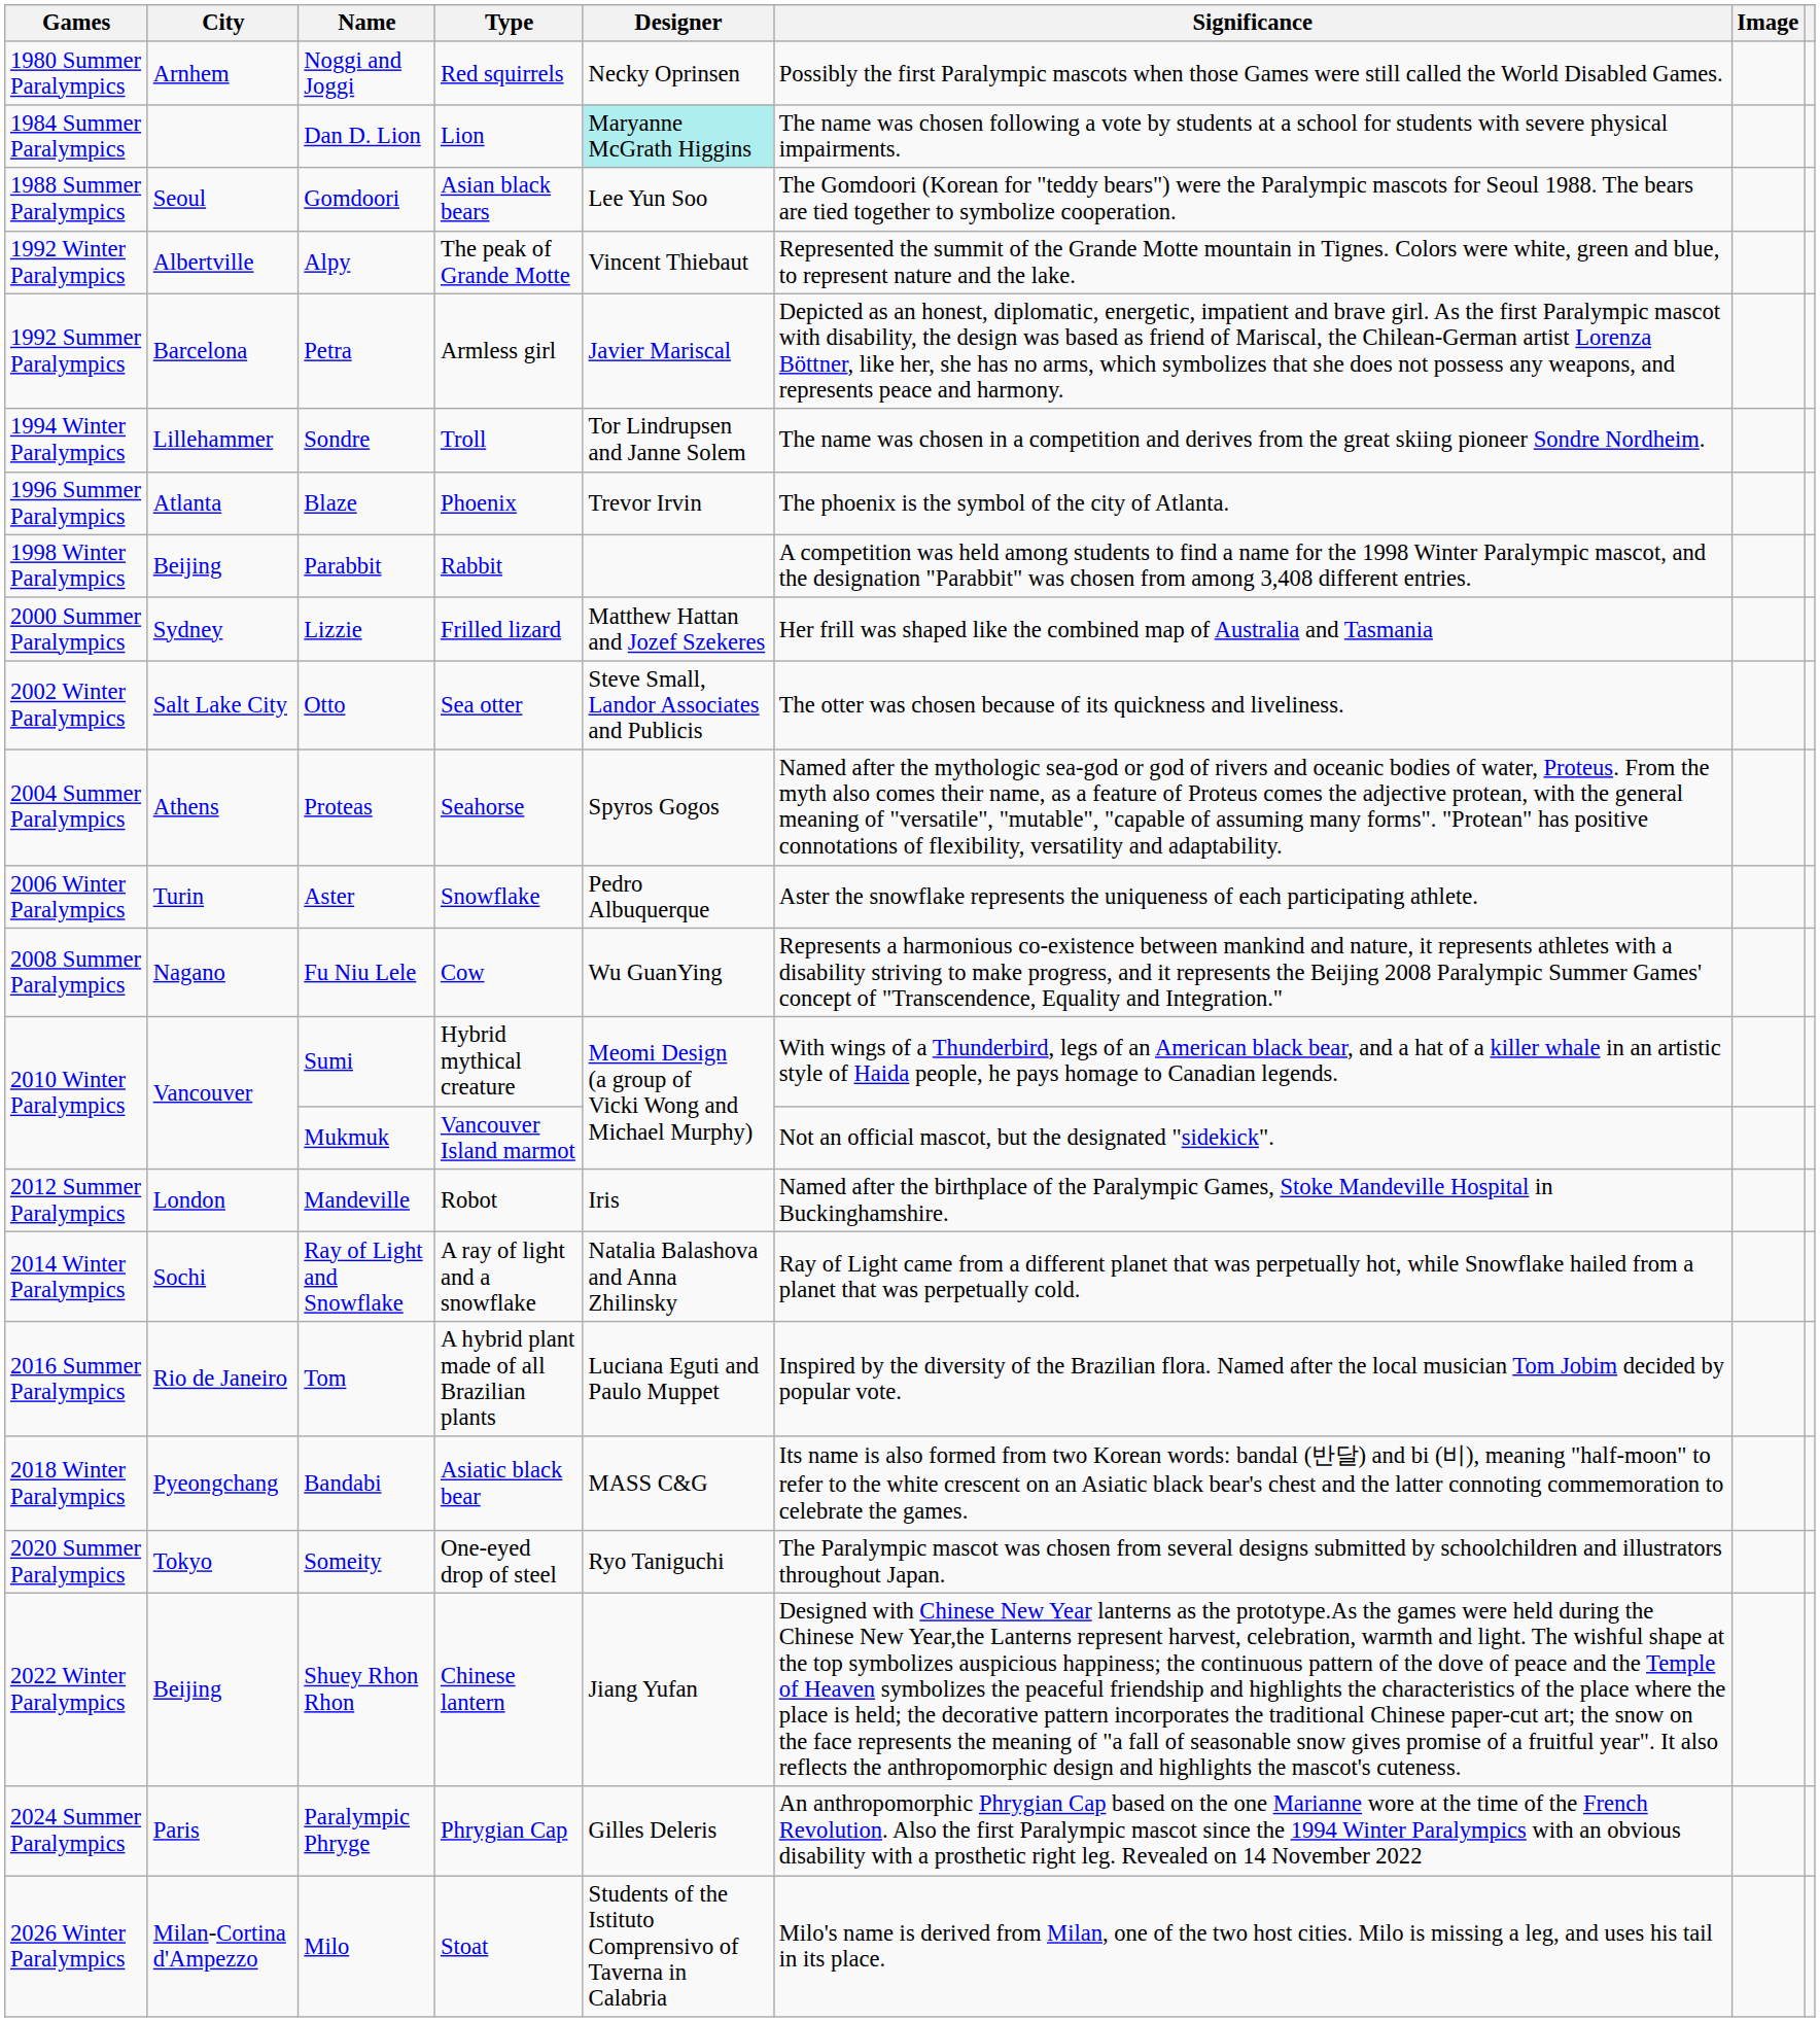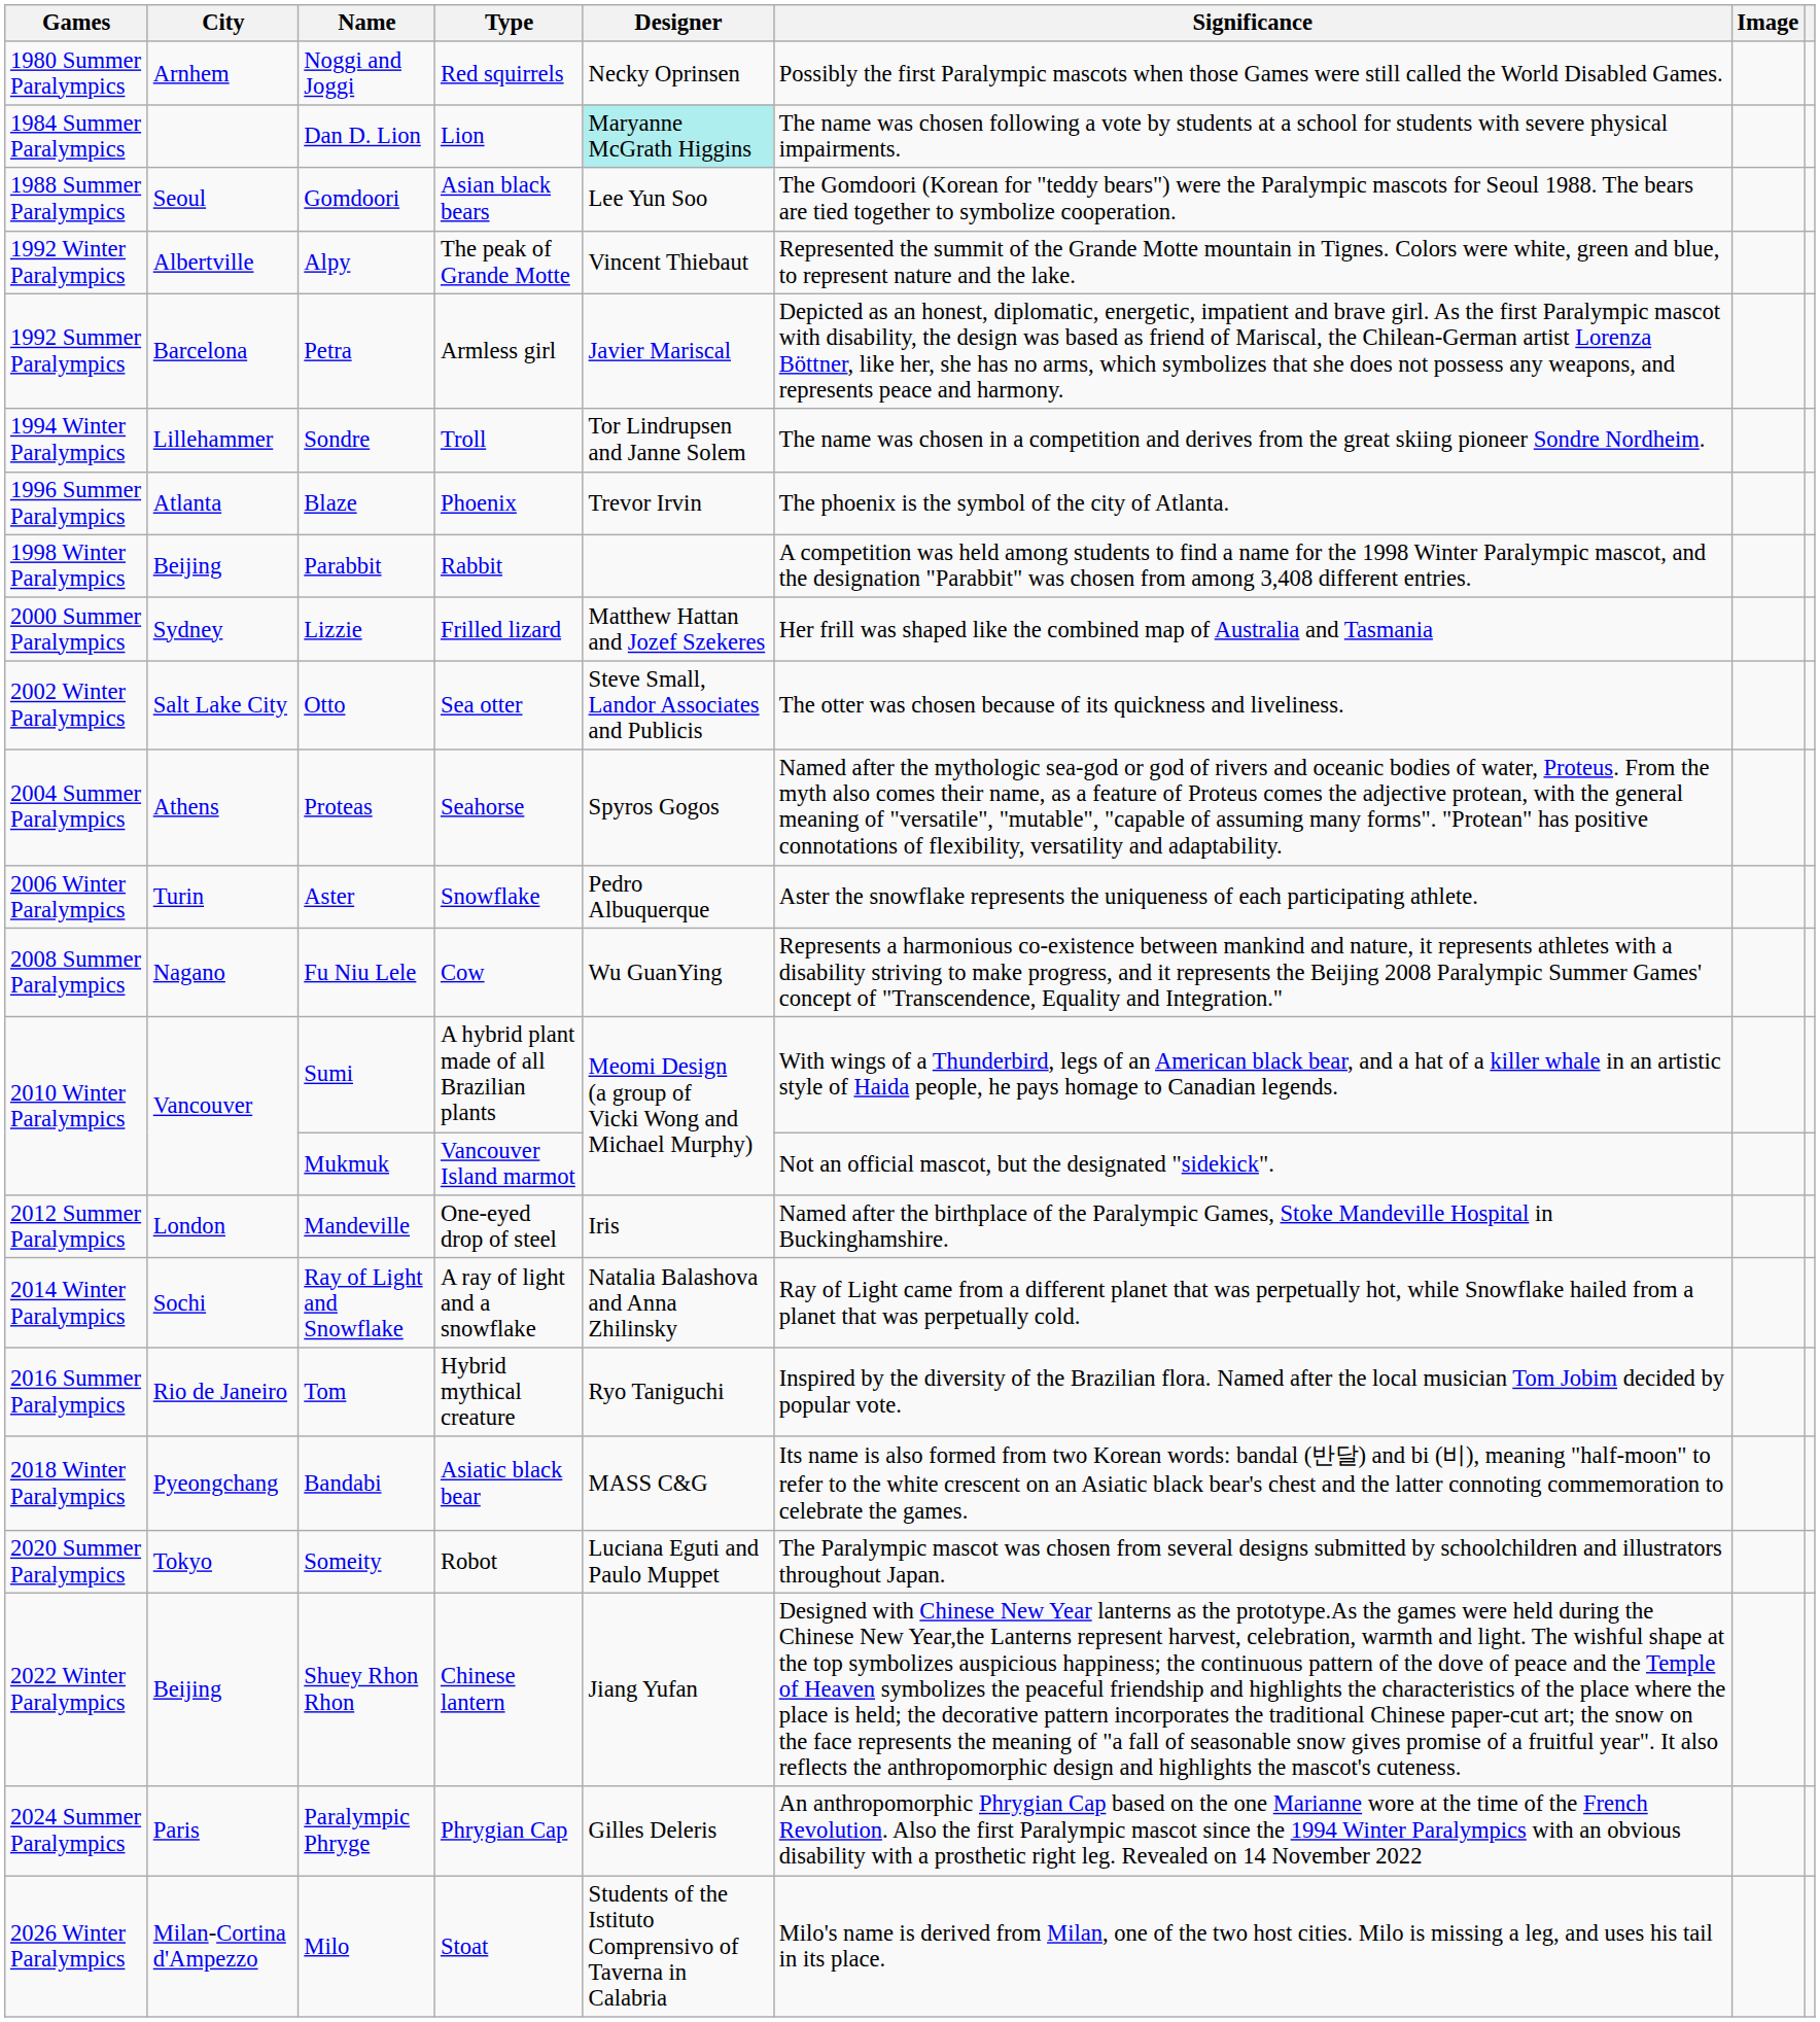 <table class="wikitable sortable plainrowheaders">
 <tr bgcolor="#efefef">
 <th scope="col">Games</th>
 <th scope="col">City</th>
 <th scope="col">Name</th>
 <th class="unsortable" scope="col">Type</th>
 <th class="unsortable" scope="col">Designer</th>
 <th class="unsortable" scope="col">Significance</th>
 <th class="unsortable" scope="col">Image</th>
 <th class="unsortable" scope="col"></th>
 </tr>
 <tr>
 <td><a href='#'>1980 Summer Paralympics</a></td>
 <td> <a href='#'>Arnhem</a></td>
 <td><a href='#'>Noggi and Joggi</a></td>
 <td><a href='#'>Red squirrels</a></td>
 <td>Necky Oprinsen</td>
 <td>Possibly the first Paralympic mascots when those Games were still called the World Disabled Games.</td>
 <td></td>
 <td></td>
 </tr>
 <tr>
 <td><a href='#'>1984 Summer Paralympics</a></td>
 <td></td>
 <td><a href='#'>Dan D. Lion</a></td>
 <td><a href='#'>Lion</a></td>
 <td style="background: paleturquoise;">Maryanne McGrath Higgins</td>
 <td>The name was chosen following a vote by students at a school for students with severe physical impairments.</td>
 <td></td>
 <td></td>
 </tr>
 <tr>
 <td><a href='#'>1988 Summer Paralympics</a></td>
 <td> <a href='#'>Seoul</a></td>
 <td><a href='#'>Gomdoori</a></td>
 <td><a href='#'>Asian black bears</a></td>
 <td>Lee Yun Soo</td>
 <td>The Gomdoori (Korean for "teddy bears") were the Paralympic mascots for Seoul 1988. The bears are tied together to symbolize cooperation.</td>
 <td align="center"></td>
 <td></td>
 </tr>
 <tr>
 <td><a href='#'>1992 Winter Paralympics</a></td>
 <td> <a href='#'>Albertville</a></td>
 <td><a href='#'>Alpy</a></td>
 <td>The peak of <a href='#'>Grande Motte</a></td>
 <td>Vincent Thiebaut</td>
 <td>Represented the summit of the Grande Motte mountain in Tignes. Colors were white, green and blue, to represent nature and the lake.</td>
 <td align="center"></td>
 <td></td>
 </tr>
 <tr>
 <td><a href='#'>1992 Summer Paralympics</a></td>
 <td> <a href='#'>Barcelona</a></td>
 <td><a href='#'>Petra</a></td>
 <td>Armless girl</td>
 <td><a href='#'>Javier Mariscal</a></td>
 <td>Depicted as an honest, diplomatic, energetic, impatient and brave girl. As the first Paralympic mascot with disability, the design was based as friend of Mariscal, the Chilean-German artist <a href='#'>Lorenza Böttner</a>, like her, she has no arms, which symbolizes that she does not possess any weapons, and represents peace and harmony.</td>
 <td align="center"></td>
 <td></td>
 </tr>
 <tr>
 <td><a href='#'>1994 Winter Paralympics</a></td>
 <td> <a href='#'>Lillehammer</a></td>
 <td><a href='#'>Sondre</a></td>
 <td><a href='#'>Troll</a></td>
 <td>Tor Lindrupsen and Janne Solem</td>
 <td>The name was chosen in a competition and derives from the great skiing pioneer <a href='#'>Sondre Nordheim</a>.</td>
 <td align="center"></td>
 <td></td>
 </tr>
 <tr>
 <td><a href='#'>1996 Summer Paralympics</a></td>
 <td> <a href='#'>Atlanta</a></td>
 <td><a href='#'>Blaze</a></td>
 <td><a href='#'>Phoenix</a></td>
 <td>Trevor Irvin</td>
 <td>The phoenix is the symbol of the city of Atlanta.</td>
 <td align="center"></td>
 <td></td>
 </tr>
 <tr>
 <td><a href='#'>1998 Winter Paralympics</a></td>
 <td> <a href='#'>Beijing</a></td>
 <td><a href='#'>Parabbit</a></td>
 <td><a href='#'>Rabbit</a></td>
 <td></td>
 <td>A competition was held among students to find a name for the 1998 Winter Paralympic mascot, and the designation "Parabbit" was chosen from among 3,408 different entries.</td>
 <td align="center"></td>
 <td></td>
 </tr>
 <tr>
 <td><a href='#'>2000 Summer Paralympics</a></td>
 <td> <a href='#'>Sydney</a></td>
 <td><a href='#'>Lizzie</a></td>
 <td><a href='#'>Frilled lizard</a></td>
 <td>Matthew Hattan and <a href='#'>Jozef Szekeres</a></td>
 <td>Her frill was shaped like the combined map of <a href='#'>Australia</a> and <a href='#'>Tasmania</a></td>
 <td align="center"></td>
 <td></td>
 </tr>
 <tr>
 <td><a href='#'>2002 Winter Paralympics</a></td>
 <td> <a href='#'>Salt Lake City</a></td>
 <td><a href='#'>Otto</a></td>
 <td><a href='#'>Sea otter</a></td>
 <td>Steve Small, <a href='#'>Landor Associates</a> and Publicis</td>
 <td>The otter was chosen because of its quickness and liveliness.</td>
 <td align="center"></td>
 <td></td>
 </tr>
 <tr>
 <td><a href='#'>2004 Summer Paralympics</a></td>
 <td> <a href='#'>Athens</a></td>
 <td><a href='#'>Proteas</a></td>
 <td><a href='#'>Seahorse</a></td>
 <td>Spyros Gogos</td>
 <td>Named after the mythologic sea-god or god of rivers and oceanic bodies of water, <a href='#'>Proteus</a>. From the myth also comes their name, as a feature of Proteus comes the adjective protean, with the general meaning of "versatile", "mutable", "capable of assuming many forms". "Protean" has positive connotations of flexibility, versatility and adaptability.</td>
 <td align="center"></td>
 <td></td>
 </tr>
 <tr>
 <td><a href='#'>2006 Winter Paralympics</a></td>
 <td> <a href='#'>Turin</a></td>
 <td><a href='#'>Aster</a></td>
 <td><a href='#'>Snowflake</a></td>
 <td>Pedro Albuquerque</td>
 <td>Aster the snowflake represents the uniqueness of each participating athlete.</td>
 <td></td>
 <td></td>
 </tr>
 <tr>
 <td><a href='#'>2008 Summer Paralympics</a></td>
 <td> <a href='#'>Nagano</a></td>
 <td><a href='#'>Fu Niu Lele</a></td>
 <td><a href='#'>Cow</a></td>
 <td>Wu GuanYing</td>
 <td>Represents a harmonious co-existence between mankind and nature, it represents athletes with a disability striving to make progress, and it represents the Beijing 2008 Paralympic Summer Games' concept of "Transcendence, Equality and Integration."</td>
 <td></td>
 <td></td>
 </tr>
 <tr>
 <td rowspan=2><a href='#'>2010 Winter Paralympics</a></td>
 <td rowspan=2> <a href='#'>Vancouver</a></td>
 <td><a href='#'>Sumi</a></td>
-<td>Hybrid mythical creature</td>
+<td>A hybrid plant made of all Brazilian plants</td>
 <td rowspan="2"><a href='#'>Meomi Design</a><br>(a group of<br>Vicki Wong and<br>Michael Murphy)</td>
 <td>With wings of a <a href='#'>Thunderbird</a>, legs of an <a href='#'>American black bear</a>, and a hat of a <a href='#'>killer whale</a> in an artistic style of <a href='#'>Haida</a> people, he pays homage to Canadian legends.</td>
 <td></td>
 <td></td>
 </tr>
 <tr>
 <td><a href='#'>Mukmuk</a></td>
 <td><a href='#'>Vancouver Island marmot</a></td>
 <td>Not an official mascot, but the designated "<a href='#'>sidekick</a>".</td>
 <td></td>
 <td></td>
 </tr>
 <tr>
 <td><a href='#'>2012 Summer Paralympics</a></td>
 <td> <a href='#'>London</a></td>
 <td><a href='#'>Mandeville</a></td>
-<td>Robot</td>
+<td>One-eyed drop of steel</td>
 <td>Iris</td>
 <td>Named after the birthplace of the Paralympic Games, <a href='#'>Stoke Mandeville Hospital</a> in Buckinghamshire.</td>
 <td></td>
 <td></td>
 </tr>
 <tr>
 <td><a href='#'>2014 Winter Paralympics</a></td>
 <td> <a href='#'>Sochi</a></td>
 <td><a href='#'>Ray of Light and Snowflake</a></td>
 <td>A ray of light and a snowflake</td>
 <td>Natalia Balashova and Anna Zhilinsky</td>
 <td>Ray of Light came from a different planet that was perpetually hot, while Snowflake hailed from a planet that was perpetually cold.</td>
 <td></td>
 <td></td>
 </tr>
 <tr>
 <td><a href='#'>2016 Summer Paralympics</a></td>
 <td> <a href='#'>Rio de Janeiro</a></td>
 <td><a href='#'>Tom</a></td>
-<td>A hybrid plant made of all Brazilian plants</td>
-<td>Luciana Eguti and Paulo Muppet</td>
+<td>Hybrid mythical creature</td>
+<td>Ryo Taniguchi</td>
 <td>Inspired by the diversity of the Brazilian flora. Named after the local musician <a href='#'>Tom Jobim</a> decided by popular vote.</td>
 <td></td>
 <td></td>
 </tr>
 <tr>
 <td><a href='#'>2018 Winter Paralympics</a></td>
 <td> <a href='#'>Pyeongchang</a></td>
 <td><a href='#'>Bandabi</a></td>
 <td><a href='#'>Asiatic black bear</a></td>
 <td>MASS C&G</td>
 <td>Its name is also formed from two Korean words: bandal (반달) and bi (비), meaning "half-moon" to refer to the white crescent on an Asiatic black bear's chest and the latter connoting commemoration to celebrate the games.</td>
 <td></td>
 <td></td>
 </tr>
 <tr>
 <td><a href='#'>2020 Summer Paralympics</a></td>
 <td> <a href='#'>Tokyo</a></td>
 <td><a href='#'>Someity</a></td>
-<td>One-eyed drop of steel</td>
-<td>Ryo Taniguchi</td>
+<td>Robot</td>
+<td>Luciana Eguti and Paulo Muppet</td>
 <td>The Paralympic mascot was chosen from several designs submitted by schoolchildren and illustrators throughout Japan.</td>
 <td></td>
 <td></td>
 </tr>
 <tr>
 <td><a href='#'>2022 Winter Paralympics</a></td>
 <td> <a href='#'>Beijing</a></td>
 <td><a href='#'>Shuey Rhon Rhon</a></td>
 <td><a href='#'>Chinese lantern</a></td>
 <td>Jiang Yufan</td>
 <td>Designed with <a href='#'>Chinese New Year</a> lanterns as the prototype.As the games were held during the Chinese New Year,the Lanterns represent harvest, celebration, warmth and light. The wishful shape at the top symbolizes auspicious happiness; the continuous pattern of the dove of peace and the <a href='#'>Temple of Heaven</a> symbolizes the peaceful friendship and highlights the characteristics of the place where the place is held; the decorative pattern incorporates the traditional Chinese paper-cut art; the snow on the face represents the meaning of "a fall of seasonable snow gives promise of a fruitful year". It also reflects the anthropomorphic design and highlights the mascot's cuteness.</td>
 <td></td>
 <td></td>
 </tr>
 <tr>
 <td><a href='#'>2024 Summer Paralympics</a></td>
 <td> <a href='#'>Paris</a></td>
 <td><a href='#'>Paralympic Phryge</a></td>
 <td><a href='#'>Phrygian Cap</a></td>
 <td>Gilles Deleris</td>
 <td>An anthropomorphic <a href='#'>Phrygian Cap</a> based on the one <a href='#'>Marianne</a> wore at the time of the <a href='#'>French Revolution</a>. Also the first Paralympic mascot since the <a href='#'>1994 Winter Paralympics</a> with an obvious disability with a prosthetic right leg. Revealed on 14 November 2022</td>
 <td><br></td>
 <td></td>
 </tr>
 <tr>
 <td><a href='#'>2026 Winter Paralympics</a></td>
 <td> <a href='#'>Milan</a>-<a href='#'>Cortina d'Ampezzo</a></td>
 <td><a href='#'>Milo</a></td>
 <td><a href='#'>Stoat</a></td>
 <td>Students of the Istituto Comprensivo of Taverna in Calabria</td>
 <td>Milo's name is derived from <a href='#'>Milan</a>, one of the two host cities. Milo is missing a leg, and uses his tail in its place.</td>
 <td></td>
 <td></td>
 </tr>
 </table>
